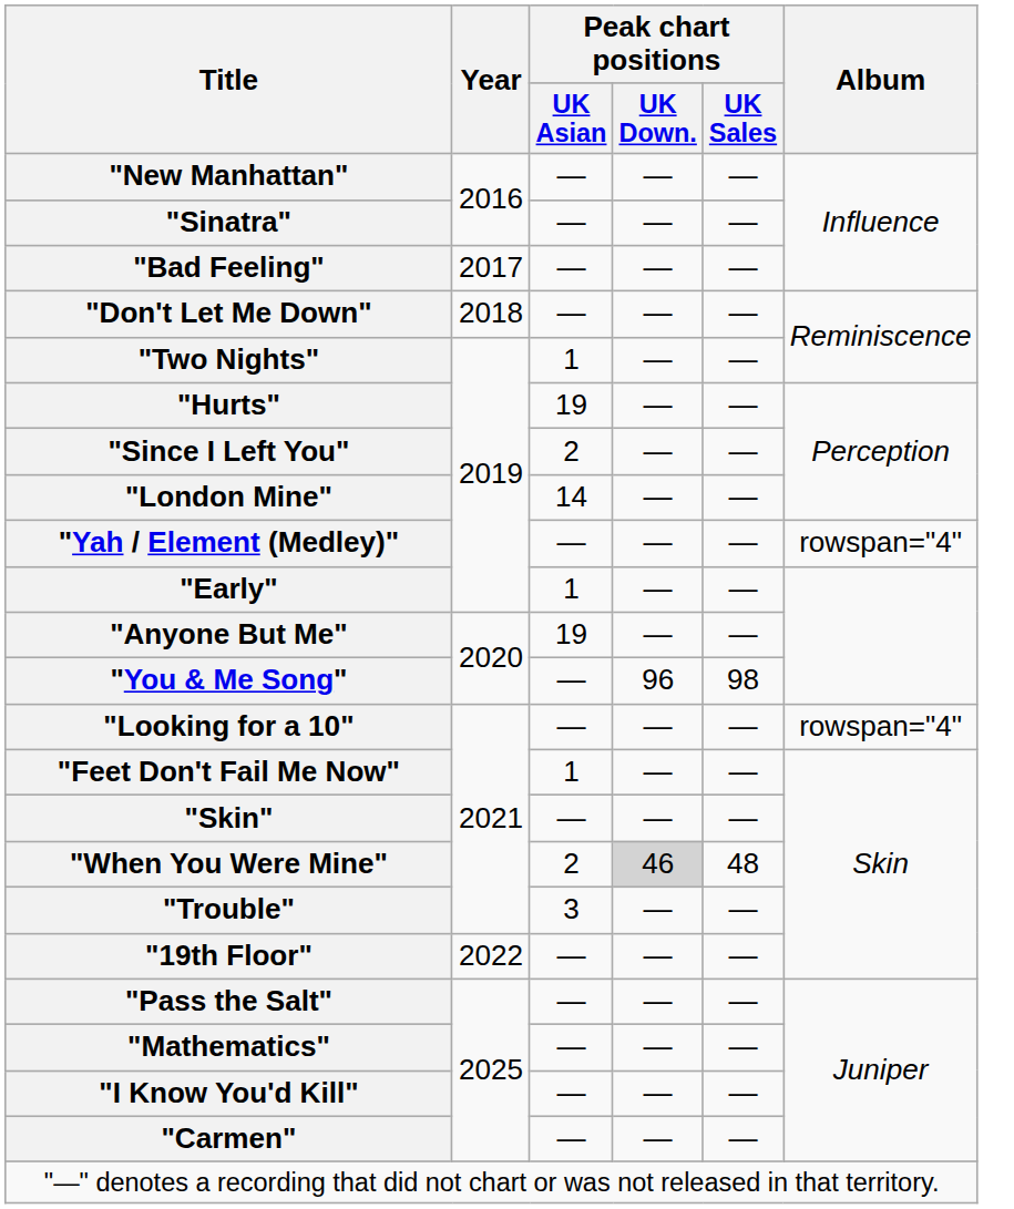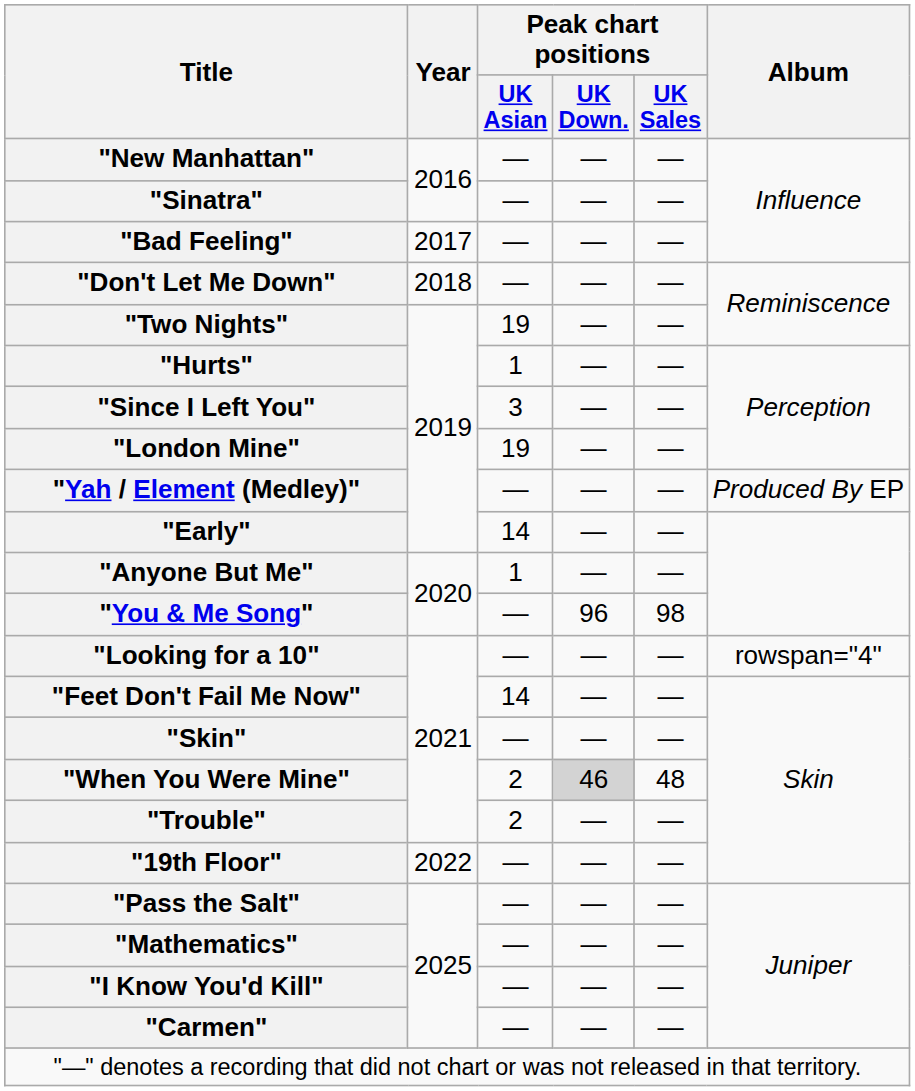 <table class="wikitable plainrowheaders" style="text-align:center;">
 <tr>
 <th rowspan="2" scope="col" style="width:15em;">Title</th>
 <th rowspan="2" scope="col">Year</th>
 <th colspan="3">Peak chart positions</th>
 <th rowspan="2" scope="col">Album</th>
 </tr>
 <tr>
 <th scope="col" style="width:2.5em;font-size:90%;"><a href='#'>UK<br>Asian</a><br></th>
 <th scope="col" style="width:2.5em;font-size:90%;"><a href='#'>UK<br>Down.</a><br></th>
 <th scope="col" style="width:2.5em;font-size:90%;"><a href='#'>UK<br>Sales</a><br></th>
 </tr>
 <tr>
 <th scope="row">"New Manhattan"</th>
 <td rowspan="2">2016</td>
 <td>—</td>
 <td>—</td>
 <td>—</td>
 <td rowspan="3"><em>Influence</em></td>
 </tr>
 <tr>
 <th scope="row">"Sinatra"</th>
 <td>—</td>
 <td>—</td>
 <td>—</td>
 </tr>
 <tr>
 <th scope="row">"Bad Feeling"</th>
 <td>2017</td>
 <td>—</td>
 <td>—</td>
 <td>—</td>
 </tr>
 <tr>
 <th scope="row">"Don't Let Me Down"</th>
 <td>2018</td>
 <td>—</td>
 <td>—</td>
 <td>—</td>
 <td rowspan="2"><em>Reminiscence</em></td>
 </tr>
 <tr>
 <th scope="row">"Two Nights"</th>
 <td rowspan="6">2019</td>
-<td>1</td>
+<td>19</td>
 <td>—</td>
 <td>—</td>
 </tr>
 <tr>
 <th scope="row">"Hurts"</th>
-<td>19</td>
+<td>1</td>
 <td>—</td>
 <td>—</td>
 <td rowspan="3"><em>Perception</em></td>
 </tr>
 <tr>
 <th scope="row">"Since I Left You"</th>
-<td>2</td>
+<td>3</td>
 <td>—</td>
 <td>—</td>
 </tr>
 <tr>
 <th scope="row">"London Mine"</th>
-<td>14</td>
+<td>19</td>
 <td>—</td>
 <td>—</td>
 </tr>
 <tr>
 <th scope="row">"<a href='#'>Yah</a> / <a href='#'>Element</a> (Medley)"</th>
 <td>—</td>
 <td>—</td>
 <td>—</td>
-<td>rowspan="4" </td>
+<td><em>Produced By</em> EP</td>
 </tr>
 <tr>
 <th scope="row">"Early"<br></th>
-<td>1</td>
+<td>14</td>
 <td>—</td>
 <td>—</td>
 </tr>
 <tr>
 <th scope="row">"Anyone But Me"</th>
 <td rowspan="2">2020</td>
-<td>19</td>
+<td>1</td>
 <td>—</td>
 <td>—</td>
 </tr>
 <tr>
 <th scope="row">"<a href='#'>You & Me Song</a>"</th>
 <td>—</td>
 <td>96</td>
 <td>98</td>
 </tr>
 <tr>
 <th scope = "row">"Looking for a 10" <br></th>
 <td rowspan="5">2021</td>
 <td>—</td>
 <td>—</td>
 <td>—</td>
 <td>rowspan="4" </td>
 </tr>
 <tr>
 <th scope = "row">"Feet Don't Fail Me Now"</th>
-<td>1</td>
+<td>14</td>
 <td>—</td>
 <td>—</td>
 <td rowspan="5"><em>Skin</em></td>
 </tr>
 <tr>
 <th scope = "row">"Skin"</th>
 <td>—</td>
 <td>—</td>
 <td>—</td>
 </tr>
 <tr>
 <th scope = "row">"When You Were Mine"</th>
 <td>2</td>
 <td style="background: lightgrey;">46</td>
 <td>48</td>
 </tr>
 <tr>
 <th scope = "row">"Trouble"</th>
-<td>3</td>
+<td>2</td>
 <td>—</td>
 <td>—</td>
 </tr>
 <tr>
 <th scope = "row">"19th Floor"</th>
 <td rowspan="1">2022</td>
 <td>—</td>
 <td>—</td>
 <td>—</td>
 </tr>
 <tr>
 <th scope = "row">"Pass the Salt"<br></th>
 <td rowspan="4">2025</td>
 <td>—</td>
 <td>—</td>
 <td>—</td>
 <td rowspan="4"><em>Juniper</em></td>
 </tr>
 <tr>
 <th scope = "row">"Mathematics"<br></th>
 <td>—</td>
 <td>—</td>
 <td>—</td>
 </tr>
 <tr>
 <th scope = "row">"I Know You'd Kill"</th>
 <td>—</td>
 <td>—</td>
 <td>—</td>
 </tr>
 <tr>
 <th scope = "row">"Carmen"</th>
 <td>—</td>
 <td>—</td>
 <td>—</td>
 </tr>
 <tr>
 <td colspan="6" style="font-size:90%">"—" denotes a recording that did not chart or was not released in that territory.</td>
 </tr>
 </table>
